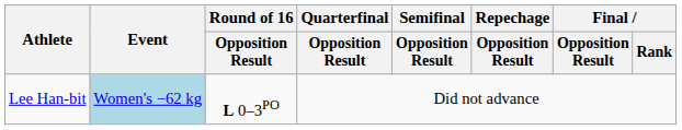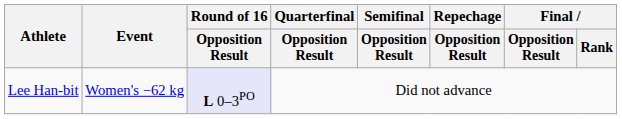 <table class="wikitable" style="font-size:90%">
 <tr>
 <th rowspan=2>Athlete</th>
 <th rowspan=2>Event</th>
 <th>Round of 16</th>
 <th>Quarterfinal</th>
 <th>Semifinal</th>
 <th>Repechage</th>
 <th colspan=2>Final / </th>
 </tr>
 <tr style="font-size: 95%">
 <th>Opposition<br>Result</th>
 <th>Opposition<br>Result</th>
 <th>Opposition<br>Result</th>
 <th>Opposition<br>Result</th>
 <th>Opposition<br>Result</th>
 <th>Rank</th>
 </tr>
 <tr align=center>
 <td align=left><a href='#'>Lee Han-bit</a></td>
-<td align=left style="background: lightblue;"><a href='#'>Women's −62 kg</a></td>
-<td><br><strong>L</strong> 0–3<sup>PO</sup></td>
+<td align=left><a href='#'>Women's −62 kg</a></td>
+<td style="background: lavender;"><br><strong>L</strong> 0–3<sup>PO</sup></td>
 <td colspan=5>Did not advance</td>
 </tr>
 </table>
